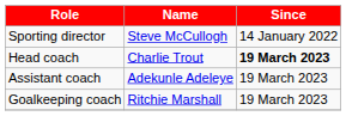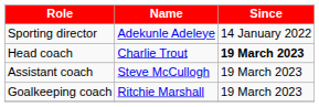 <table class="wikitable">
 <tr>
 <th style="color:#FFFFFF;background:#FF0000;">Role</th>
 <th style="color:#FFFFFF;background:#FF0000;">Name</th>
 <th style="color:#FFFFFF;background:#FF0000;">Since</th>
 </tr>
 <tr>
 <td>Sporting director</td>
-<td> <a href='#'>Steve McCullogh</a></td>
+<td> <a href='#'>Adekunle Adeleye</a></td>
 <td>14 January 2022</td>
 </tr>
 <tr>
 <td>Head coach</td>
 <td> <a href='#'>Charlie Trout</a></td>
 <td><strong>19 March 2023</strong></td>
 </tr>
 <tr>
 <td>Assistant coach</td>
-<td> <a href='#'>Adekunle Adeleye</a></td>
+<td> <a href='#'>Steve McCullogh</a></td>
 <td>19 March 2023</td>
 </tr>
 <tr>
 <td>Goalkeeping coach</td>
 <td> <a href='#'>Ritchie Marshall</a></td>
 <td>19 March 2023</td>
 </tr>
 <tr>
 </tr>
 </table>
